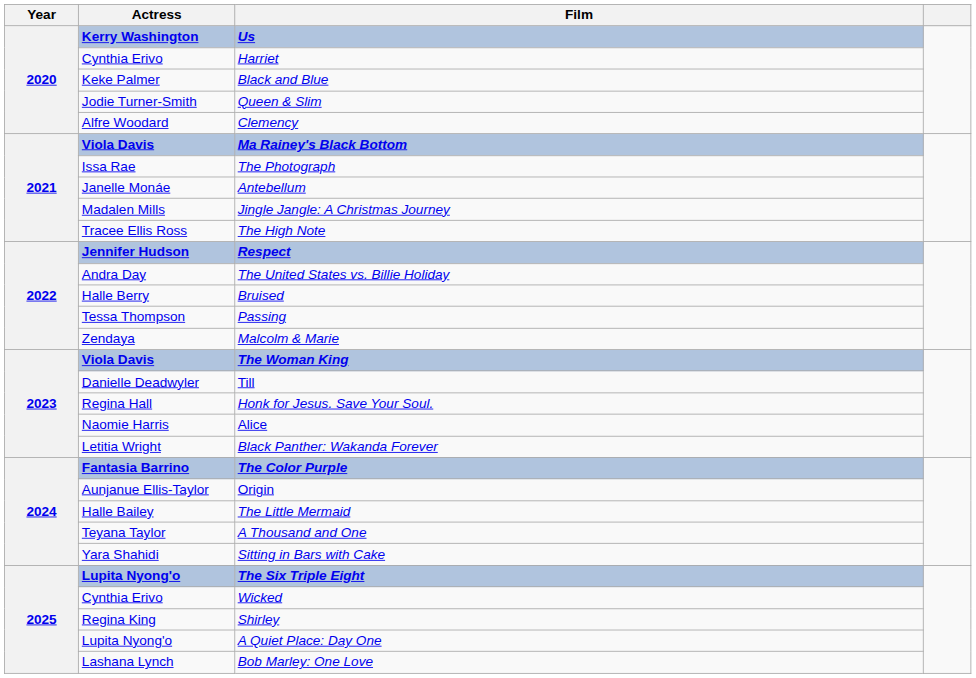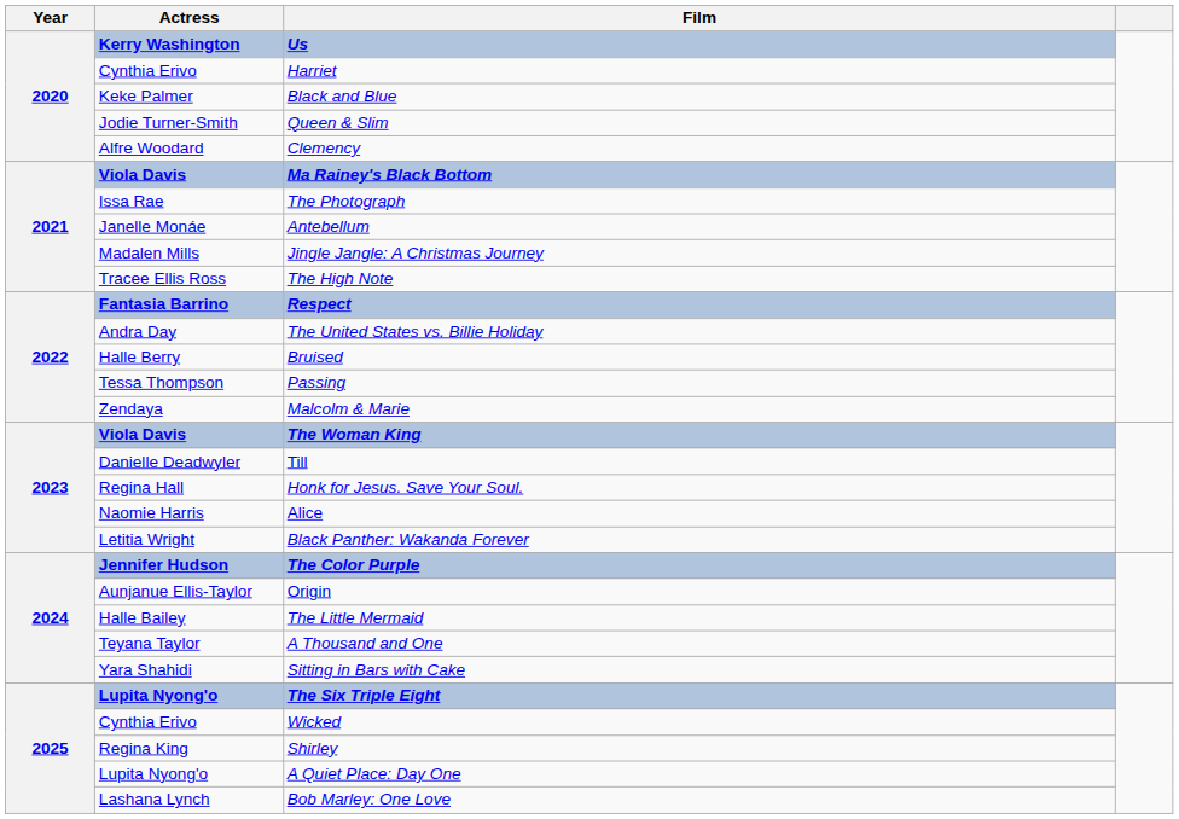 <table class="wikitable" style="width:90%;">
 <tr style="background:#bebebe;">
 <th scope="col" style="width:5em;">Year</th>
 <th scope="col" style="width:11em;">Actress</th>
 <th scope="col">Film</th>
 <th scope="col" style="width:3em;"></th>
 </tr>
 <tr>
 <th scope="row" rowspan="5"><a href='#'>2020</a></th>
 <td style="background:#B0C4DE; font-weight:bold;"><a href='#'>Kerry Washington</a></td>
 <td style="background:#B0C4DE; font-weight:bold;"><em><a href='#'>Us</a></em></td>
 <td rowspan="5" style="text-align:center;"></td>
 </tr>
 <tr>
 <td><a href='#'>Cynthia Erivo</a></td>
 <td><em><a href='#'>Harriet</a></em></td>
 </tr>
 <tr>
 <td><a href='#'>Keke Palmer</a></td>
 <td><em><a href='#'>Black and Blue</a></em></td>
 </tr>
 <tr>
 <td><a href='#'>Jodie Turner-Smith</a></td>
 <td><em><a href='#'>Queen & Slim</a></em></td>
 </tr>
 <tr>
 <td><a href='#'>Alfre Woodard</a></td>
 <td><em><a href='#'>Clemency</a></em></td>
 </tr>
 <tr>
 <th scope="row" rowspan="5"><a href='#'>2021</a></th>
 <td style="background:#B0C4DE; font-weight:bold;"><a href='#'>Viola Davis</a></td>
 <td style="background:#B0C4DE; font-weight:bold;"><em><a href='#'>Ma Rainey's Black Bottom</a></em></td>
 <td rowspan="5" style="text-align:center;"></td>
 </tr>
 <tr>
 <td><a href='#'>Issa Rae</a></td>
 <td><em><a href='#'>The Photograph</a></em></td>
 </tr>
 <tr>
 <td><a href='#'>Janelle Monáe</a></td>
 <td><em><a href='#'>Antebellum</a></em></td>
 </tr>
 <tr>
 <td><a href='#'>Madalen Mills</a></td>
 <td><em><a href='#'>Jingle Jangle: A Christmas Journey</a></em></td>
 </tr>
 <tr>
 <td><a href='#'>Tracee Ellis Ross</a></td>
 <td><em><a href='#'>The High Note</a></em></td>
 </tr>
 <tr>
 <th scope="row" rowspan="5"><a href='#'>2022</a></th>
-<td style="background:#B0C4DE; font-weight:bold;"><a href='#'>Jennifer Hudson</a></td>
+<td style="background:#B0C4DE; font-weight:bold;"><a href='#'>Fantasia Barrino</a></td>
 <td style="background:#B0C4DE; font-weight:bold;"><em><a href='#'>Respect</a></em></td>
 <td rowspan="5" style="text-align:center;"></td>
 </tr>
 <tr>
 <td><a href='#'>Andra Day</a></td>
 <td><em><a href='#'>The United States vs. Billie Holiday</a></em></td>
 </tr>
 <tr>
 <td><a href='#'>Halle Berry</a></td>
 <td><em><a href='#'>Bruised</a></em></td>
 </tr>
 <tr>
 <td><a href='#'>Tessa Thompson</a></td>
 <td><em><a href='#'>Passing</a></em></td>
 </tr>
 <tr>
 <td><a href='#'>Zendaya</a></td>
 <td><em><a href='#'>Malcolm & Marie</a></em></td>
 </tr>
 <tr>
 <th scope="row" rowspan="5"><a href='#'>2023</a></th>
 <td style="background:#B0C4DE; font-weight:bold;"><a href='#'>Viola Davis</a></td>
 <td style="background:#B0C4DE; font-weight:bold;"><em><a href='#'>The Woman King</a></em></td>
 <td rowspan="5" style="text-align:center;"></td>
 </tr>
 <tr>
 <td><a href='#'>Danielle Deadwyler</a></td>
 <td><em><a href='#'></em>Till<em></a></em></td>
 </tr>
 <tr>
 <td><a href='#'>Regina Hall</a></td>
 <td><em><a href='#'>Honk for Jesus. Save Your Soul.</a></em></td>
 </tr>
 <tr>
 <td><a href='#'>Naomie Harris</a></td>
 <td><em><a href='#'></em>Alice<em></a></em></td>
 </tr>
 <tr>
 <td><a href='#'>Letitia Wright</a></td>
 <td><em><a href='#'>Black Panther: Wakanda Forever</a></em></td>
 </tr>
 <tr>
 <th scope="row" rowspan="5"><a href='#'>2024</a></th>
-<td style="background:#B0C4DE; font-weight:bold;"><a href='#'>Fantasia Barrino</a></td>
+<td style="background:#B0C4DE; font-weight:bold;"><a href='#'>Jennifer Hudson</a></td>
 <td style="background:#B0C4DE; font-weight:bold;"><em><a href='#'>The Color Purple</a></em></td>
 <td rowspan="5" style="text-align:center;"></td>
 </tr>
 <tr>
 <td><a href='#'>Aunjanue Ellis-Taylor</a></td>
 <td><em><a href='#'></em>Origin<em></a></em></td>
 </tr>
 <tr>
 <td><a href='#'>Halle Bailey</a></td>
 <td><em><a href='#'>The Little Mermaid</a></em></td>
 </tr>
 <tr>
 <td><a href='#'>Teyana Taylor</a></td>
 <td><em><a href='#'>A Thousand and One</a></em></td>
 </tr>
 <tr>
 <td><a href='#'>Yara Shahidi</a></td>
 <td><em><a href='#'>Sitting in Bars with Cake</a></em></td>
 </tr>
 <tr>
 <th scope="row" rowspan="5"><a href='#'>2025</a></th>
 <td style="background:#B0C4DE; font-weight:bold;"><a href='#'>Lupita Nyong'o</a></td>
 <td style="background:#B0C4DE; font-weight:bold;"><em><a href='#'>The Six Triple Eight</a></em></td>
 <td rowspan="5" style="text-align:center;"></td>
 </tr>
 <tr>
 <td><a href='#'>Cynthia Erivo</a></td>
 <td><em><a href='#'>Wicked</a></em></td>
 </tr>
 <tr>
 <td><a href='#'>Regina King</a></td>
 <td><em><a href='#'>Shirley</a></em></td>
 </tr>
 <tr>
 <td><a href='#'>Lupita Nyong'o</a></td>
 <td><em><a href='#'>A Quiet Place: Day One</a></em></td>
 </tr>
 <tr>
 <td><a href='#'>Lashana Lynch</a></td>
 <td><em><a href='#'>Bob Marley: One Love</a></em></td>
 </tr>
 </table>
